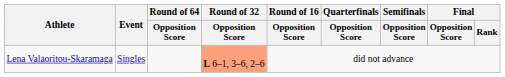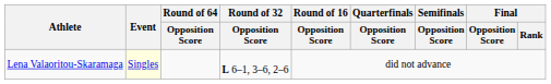 <table class=wikitable style="font-size:90%">
 <tr>
 <th rowspan=2>Athlete</th>
 <th rowspan=2>Event</th>
 <th>Round of 64</th>
 <th>Round of 32</th>
 <th>Round of 16</th>
 <th>Quarterfinals</th>
 <th>Semifinals</th>
 <th colspan=2>Final</th>
 </tr>
 <tr style="font-size:95%">
 <th>Opposition<br>Score</th>
 <th>Opposition<br>Score</th>
 <th>Opposition<br>Score</th>
 <th>Opposition<br>Score</th>
 <th>Opposition<br>Score</th>
 <th>Opposition<br>Score</th>
 <th>Rank</th>
 </tr>
 <tr align=center>
 <td align=left><a href='#'>Lena Valaoritou-Skaramaga</a></td>
-<td align=left><a href='#'>Singles</a></td>
+<td align=left style="background: lightyellow;"><a href='#'>Singles</a></td>
 <td></td>
-<td style="background: lightsalmon;"><br> <strong>L</strong> 6–1, 3–6, 2–6</td>
+<td><br> <strong>L</strong> 6–1, 3–6, 2–6</td>
 <td colspan=5>did not advance</td>
 </tr>
 </table>
